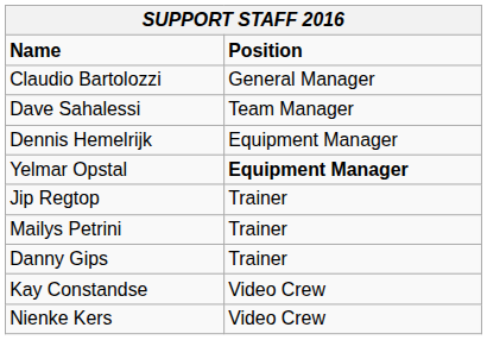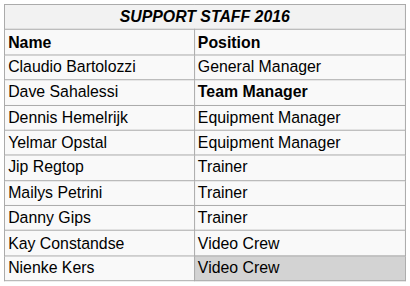 <table class="wikitable" style="width:65%;">
 <tr>
 <th colspan="5"><em>SUPPORT STAFF 2016</em></th>
 </tr>
 <tr style="text-align:left;">
 <td><strong>Name</strong></td>
 <td><strong>Position</strong></td>
 </tr>
 <tr style="text-align:left;">
 <td>Claudio Bartolozzi</td>
 <td>General Manager</td>
 </tr>
 <tr style="text-align:left;">
 <td>Dave Sahalessi</td>
-<td>Team Manager</td>
+<td><strong>Team Manager</strong></td>
 </tr>
 <tr style="text-align:left;">
 <td>Dennis Hemelrijk</td>
 <td>Equipment Manager</td>
 </tr>
 <tr style="text-align:left;">
 <td>Yelmar Opstal</td>
-<td><strong>Equipment Manager</strong></td>
+<td>Equipment Manager</td>
 </tr>
 <tr style="text-align:left;">
 <td>Jip Regtop</td>
 <td>Trainer</td>
 </tr>
 <tr style="text-align:left;">
 <td>Mailys Petrini</td>
 <td>Trainer</td>
 </tr>
 <tr style="text-align:left;">
 <td>Danny Gips</td>
 <td>Trainer</td>
 </tr>
 <tr style="text-align:left;">
 <td>Kay Constandse</td>
 <td>Video Crew</td>
 </tr>
 <tr style="text-align:left;">
 <td>Nienke Kers</td>
-<td>Video Crew</td>
+<td style="background: lightgrey;">Video Crew</td>
 </tr>
 </table>
